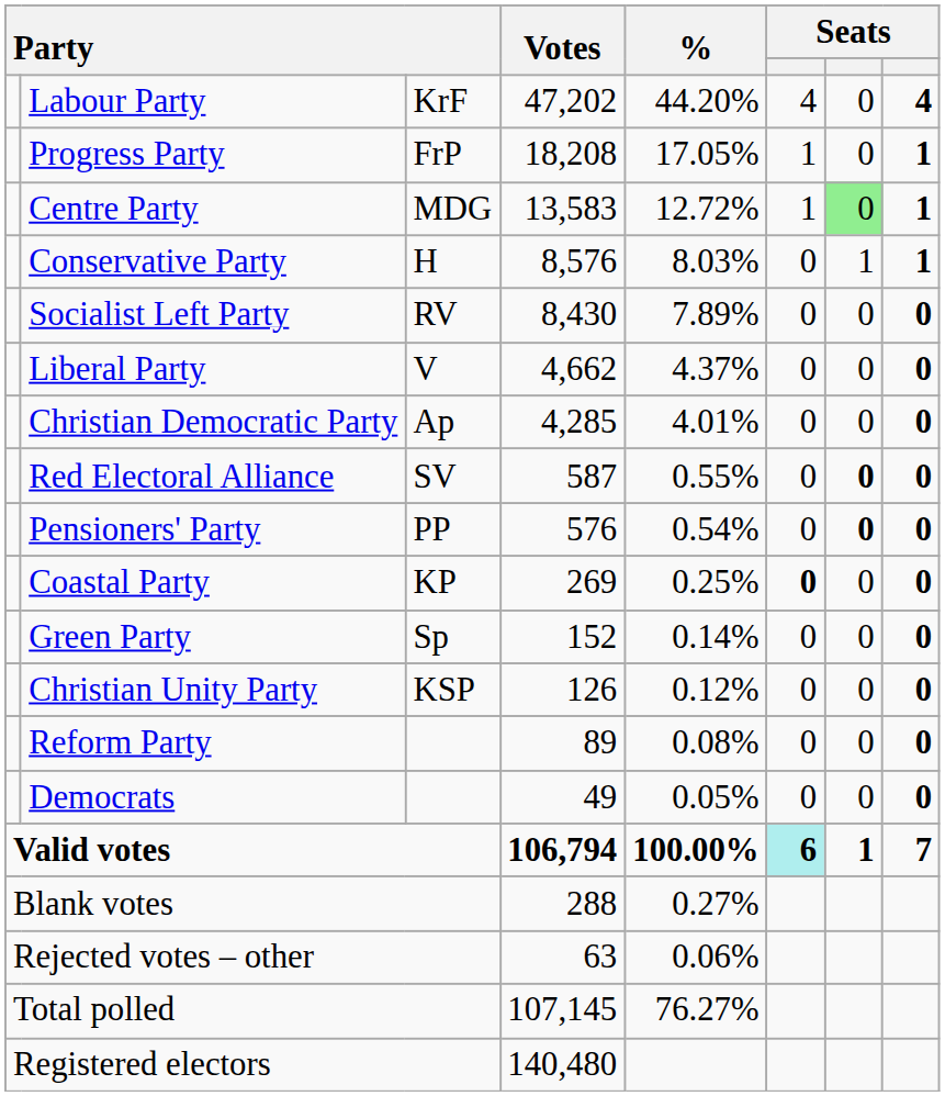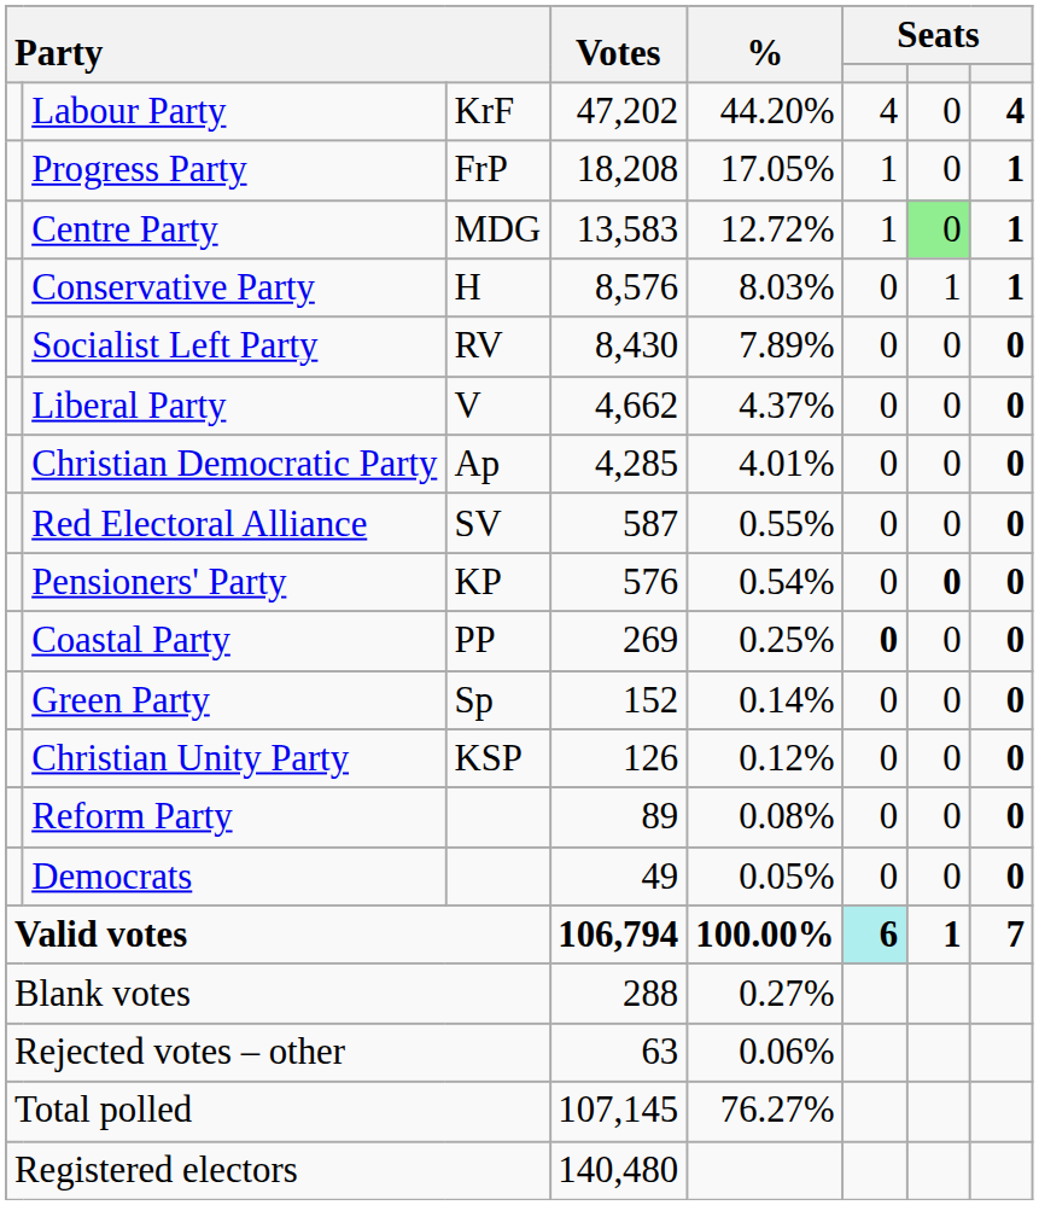 <table class="wikitable" border="1" style="text-align:right;">
 <tr>
 <th style="text-align:left;" valign=bottom rowspan=2 colspan=3>Party</th>
 <th align=center valign=bottom rowspan=2 width="50">Votes</th>
 <th align=center valign=bottom rowspan=2 width="50">%</th>
 <th colspan=3>Seats</th>
 </tr>
 <tr>
 <th align=center valign=bottom width="20"><small></small></th>
 <th align=center valign=bottom width="20"><small><a href='#'></a></small></th>
 <th align=center valign=bottom width="20"><small></small></th>
 </tr>
 <tr>
 <td style="color:inherit;background:"></td>
 <td align=left><a href='#'>Labour Party</a></td>
 <td align=left>KrF</td>
 <td>47,202</td>
 <td>44.20%</td>
 <td>4</td>
 <td>0</td>
 <td><strong>4</strong></td>
 </tr>
 <tr>
 <td style="color:inherit;background:"></td>
 <td align=left><a href='#'>Progress Party</a></td>
 <td align=left>FrP</td>
 <td>18,208</td>
 <td>17.05%</td>
 <td>1</td>
 <td>0</td>
 <td><strong>1</strong></td>
 </tr>
 <tr>
 <td style="color:inherit;background:"></td>
 <td align=left><a href='#'>Centre Party</a></td>
 <td align=left>MDG</td>
 <td>13,583</td>
 <td>12.72%</td>
 <td>1</td>
 <td style="background: lightgreen;">0</td>
 <td><strong>1</strong></td>
 </tr>
 <tr>
 <td style="color:inherit;background:"></td>
 <td align=left><a href='#'>Conservative Party</a></td>
 <td align=left>H</td>
 <td>8,576</td>
 <td>8.03%</td>
 <td>0</td>
 <td>1</td>
 <td><strong>1</strong></td>
 </tr>
 <tr>
 <td style="color:inherit;background:"></td>
 <td align=left><a href='#'>Socialist Left Party</a></td>
 <td align=left>RV</td>
 <td>8,430</td>
 <td>7.89%</td>
 <td>0</td>
 <td>0</td>
 <td><strong>0</strong></td>
 </tr>
 <tr>
 <td style="color:inherit;background:"></td>
 <td align=left><a href='#'>Liberal Party</a></td>
 <td align=left>V</td>
 <td>4,662</td>
 <td>4.37%</td>
 <td>0</td>
 <td>0</td>
 <td><strong>0</strong></td>
 </tr>
 <tr>
 <td style="color:inherit;background:"></td>
 <td align=left><a href='#'>Christian Democratic Party</a></td>
 <td align=left>Ap</td>
 <td>4,285</td>
 <td>4.01%</td>
 <td>0</td>
 <td>0</td>
 <td><strong>0</strong></td>
 </tr>
 <tr>
 <td style="color:inherit;background:"></td>
 <td align=left><a href='#'>Red Electoral Alliance</a></td>
 <td align=left>SV</td>
 <td>587</td>
 <td>0.55%</td>
 <td>0</td>
-<td><strong>0</strong></td>
+<td>0</td>
 <td><strong>0</strong></td>
 </tr>
 <tr>
 <td style="color:inherit;background:"></td>
 <td align=left><a href='#'>Pensioners' Party</a></td>
-<td align=left>PP</td>
+<td align=left>KP</td>
 <td>576</td>
 <td>0.54%</td>
 <td>0</td>
 <td><strong>0</strong></td>
 <td><strong>0</strong></td>
 </tr>
 <tr>
 <td style="color:inherit;background:"></td>
 <td align=left><a href='#'>Coastal Party</a></td>
-<td align=left>KP</td>
+<td align=left>PP</td>
 <td>269</td>
 <td>0.25%</td>
 <td><strong>0</strong></td>
 <td>0</td>
 <td><strong>0</strong></td>
 </tr>
 <tr>
 <td style="color:inherit;background:"></td>
 <td align=left><a href='#'>Green Party</a></td>
 <td align=left>Sp</td>
 <td>152</td>
 <td>0.14%</td>
 <td>0</td>
 <td>0</td>
 <td><strong>0</strong></td>
 </tr>
 <tr>
 <td style="color:inherit;background:"></td>
 <td align=left><a href='#'>Christian Unity Party</a></td>
 <td align=left>KSP</td>
 <td>126</td>
 <td>0.12%</td>
 <td>0</td>
 <td>0</td>
 <td><strong>0</strong></td>
 </tr>
 <tr>
 <td></td>
 <td align=left><a href='#'>Reform Party</a></td>
 <td align=left></td>
 <td>89</td>
 <td>0.08%</td>
 <td>0</td>
 <td>0</td>
 <td><strong>0</strong></td>
 </tr>
 <tr>
 <td style="color:inherit;background:"></td>
 <td align=left><a href='#'>Democrats</a></td>
 <td align=left></td>
 <td>49</td>
 <td>0.05%</td>
 <td>0</td>
 <td>0</td>
 <td><strong>0</strong></td>
 </tr>
 <tr style="font-weight:bold">
 <td align=left colspan=3>Valid votes</td>
 <td>106,794</td>
 <td>100.00%</td>
 <td style="background: paleturquoise;">6</td>
 <td>1</td>
 <td>7</td>
 </tr>
 <tr>
 <td align=left colspan=3>Blank votes</td>
 <td>288</td>
 <td>0.27%</td>
 <td></td>
 <td></td>
 <td></td>
 </tr>
 <tr>
 <td align=left colspan=3>Rejected votes – other</td>
 <td>63</td>
 <td>0.06%</td>
 <td></td>
 <td></td>
 <td></td>
 </tr>
 <tr>
 <td align=left colspan=3>Total polled</td>
 <td>107,145</td>
 <td>76.27%</td>
 <td></td>
 <td></td>
 <td></td>
 </tr>
 <tr>
 <td align=left colspan=3>Registered electors</td>
 <td>140,480</td>
 <td></td>
 <td></td>
 <td></td>
 <td></td>
 </tr>
 </table>
